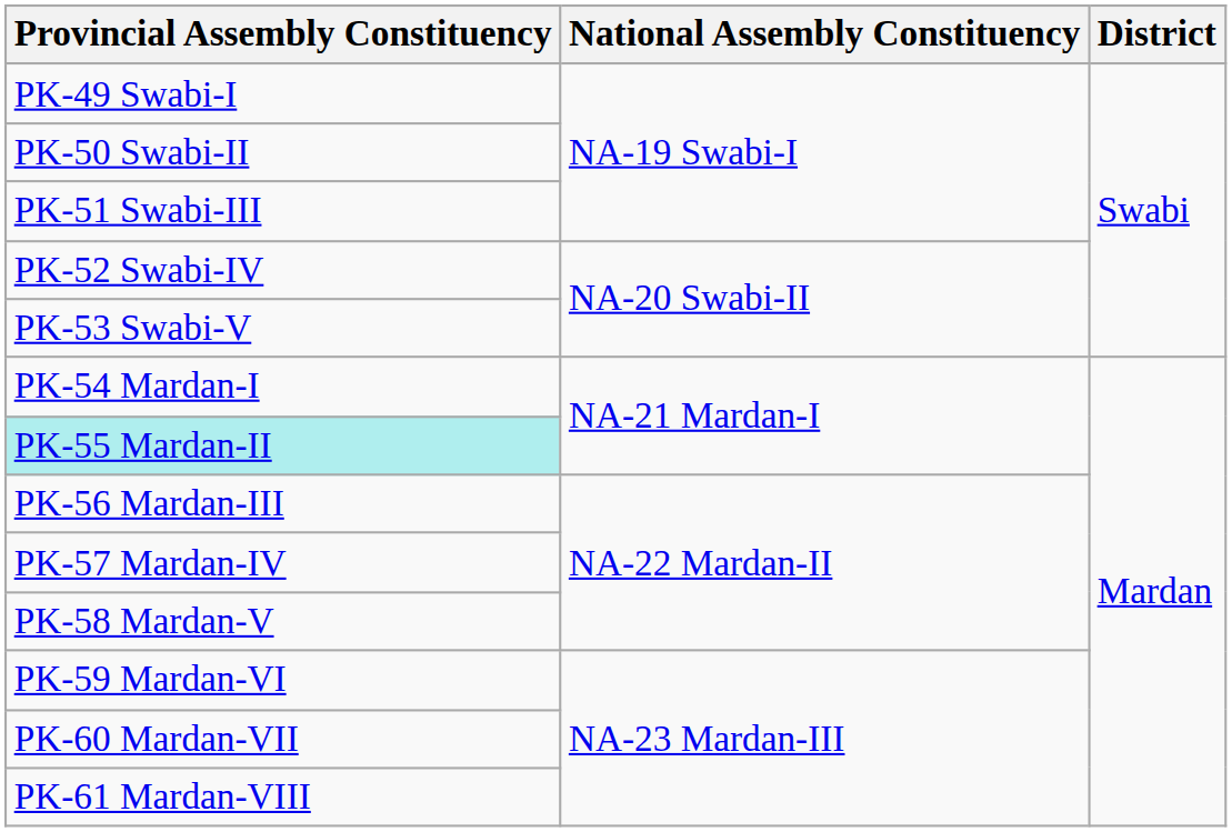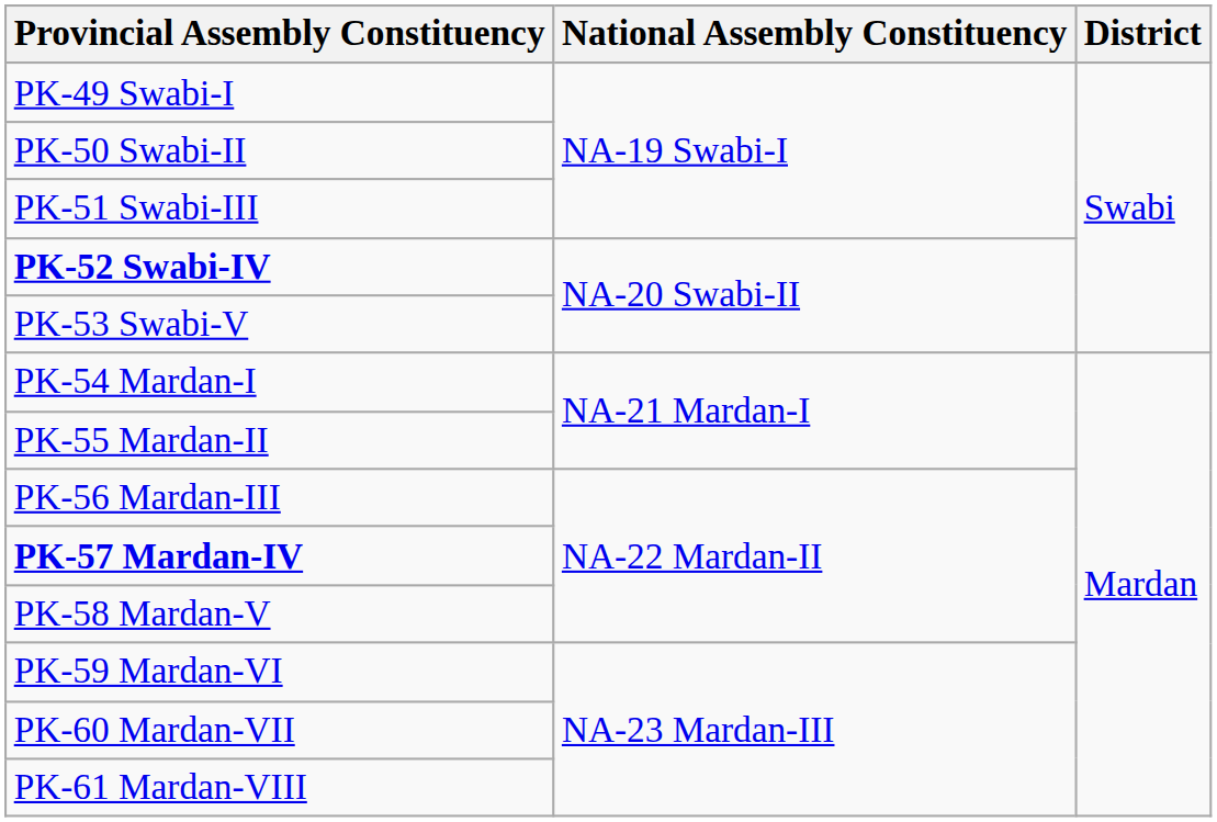 <table class="wikitable sortable static-row-numbers static-row-header-hash">
 <tr>
 <th>Provincial Assembly Constituency</th>
 <th>National Assembly Constituency</th>
 <th>District</th>
 </tr>
 <tr>
 <td><a href='#'>PK-49 Swabi-I</a></td>
 <td rowspan="3"><a href='#'>NA-19 Swabi-I</a></td>
 <td rowspan="5"><a href='#'>Swabi</a></td>
 </tr>
 <tr>
 <td><a href='#'>PK-50 Swabi-II</a></td>
 </tr>
 <tr>
 <td><a href='#'>PK-51 Swabi-III</a></td>
 </tr>
 <tr>
-<td><a href='#'>PK-52 Swabi-IV</a></td>
+<td><strong><a href='#'>PK-52 Swabi-IV</a></strong></td>
 <td rowspan="2"><a href='#'>NA-20 Swabi-II</a></td>
 </tr>
 <tr>
 <td><a href='#'>PK-53 Swabi-V</a></td>
 </tr>
 <tr>
 <td><a href='#'>PK-54 Mardan-I</a></td>
 <td rowspan="2"><a href='#'>NA-21 Mardan-I</a></td>
 <td rowspan="8"><a href='#'>Mardan</a></td>
 </tr>
 <tr>
-<td style="background: paleturquoise;"><a href='#'>PK-55 Mardan-II</a></td>
+<td><a href='#'>PK-55 Mardan-II</a></td>
 </tr>
 <tr>
 <td><a href='#'>PK-56 Mardan-III</a></td>
 <td rowspan="3"><a href='#'>NA-22 Mardan-II</a></td>
 </tr>
 <tr>
-<td><a href='#'>PK-57 Mardan-IV</a></td>
+<td><strong><a href='#'>PK-57 Mardan-IV</a></strong></td>
 </tr>
 <tr>
 <td><a href='#'>PK-58 Mardan-V</a></td>
 </tr>
 <tr>
 <td><a href='#'>PK-59 Mardan-VI</a></td>
 <td rowspan="3"><a href='#'>NA-23 Mardan-III</a></td>
 </tr>
 <tr>
 <td><a href='#'>PK-60 Mardan-VII</a></td>
 </tr>
 <tr>
 <td><a href='#'>PK-61 Mardan-VIII</a></td>
 </tr>
 </table>
